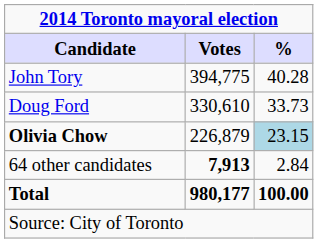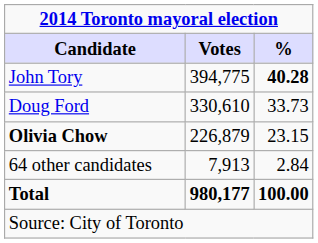 <table class="wikitable sortable">
 <tr>
 <td colspan="3" style="text-align:center;"><strong><a href='#'>2014 Toronto mayoral election</a></strong></td>
 </tr>
 <tr>
 <th style="background:#ddf; width:150px;">Candidate</th>
 <th style="background:#ddf;">Votes</th>
 <th style="background:#ddf;">%</th>
 </tr>
 <tr>
 <td><a href='#'>John Tory</a></td>
 <td align=right>394,775</td>
-<td align=right>40.28</td>
+<td align=right><strong>40.28</strong></td>
 </tr>
 <tr>
 <td><a href='#'>Doug Ford</a></td>
 <td align=right>330,610</td>
 <td align=right>33.73</td>
 </tr>
 <tr>
 <td><strong>Olivia Chow</strong></td>
 <td align=right>226,879</td>
-<td align=right style="background: lightblue;">23.15</td>
+<td align=right>23.15</td>
 </tr>
 <tr>
 <td>64 other candidates</td>
-<td align=right><strong>7,913</strong></td>
+<td align=right>7,913</td>
 <td align=right>2.84</td>
 </tr>
 <tr>
 <td><strong>Total</strong></td>
 <td align=right><strong>980,177</strong></td>
 <td align=right><strong>100.00</strong></td>
 </tr>
 <tr>
 <td colspan="3">Source: City of Toronto</td>
 </tr>
 </table>
